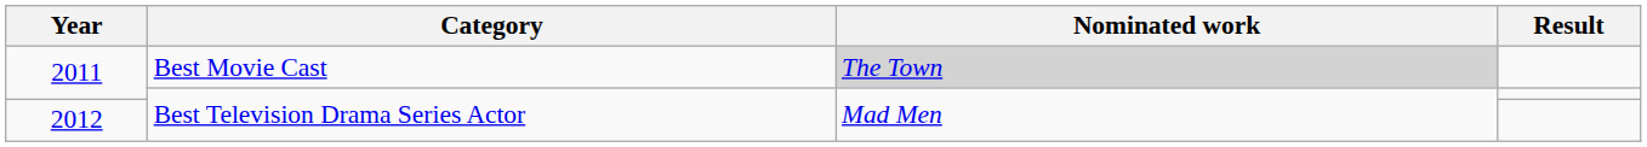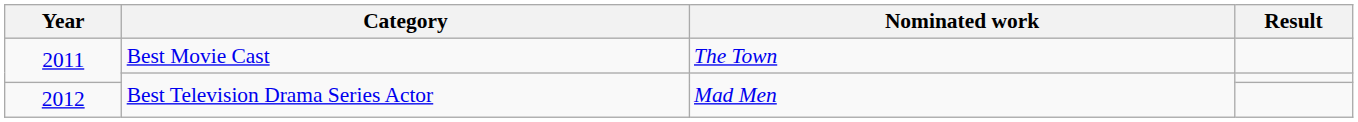 <table class=wikitable>
 <tr>
 <th scope="col" style="width:5em;">Year</th>
 <th scope="col" style="width:26em;">Category</th>
 <th scope="col" style="width:25em;">Nominated work</th>
 <th scope="col" style="width:5em;">Result</th>
 </tr>
 <tr>
 <td style="text-align:center;", rowspan=2><a href='#'>2011</a></td>
 <td><a href='#'>Best Movie Cast</a></td>
-<td style="background: lightgrey;"><em><a href='#'>The Town</a></em></td>
+<td><em><a href='#'>The Town</a></em></td>
 <td></td>
 </tr>
 <tr>
 <td rowspan="2"><a href='#'>Best Television Drama Series Actor</a></td>
 <td rowspan="2"><em><a href='#'>Mad Men</a></em></td>
 <td></td>
 </tr>
 <tr>
 <td style="text-align:center;"><a href='#'>2012</a></td>
 <td></td>
 </tr>
 </table>
